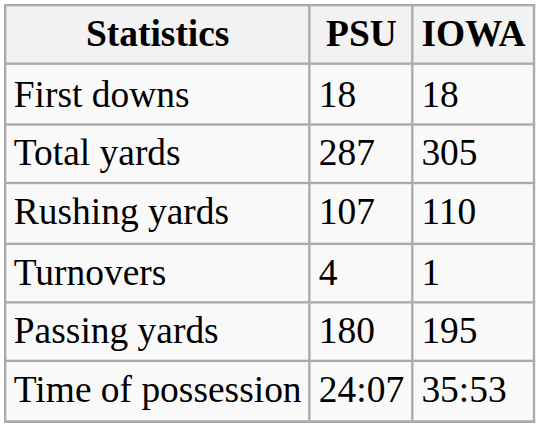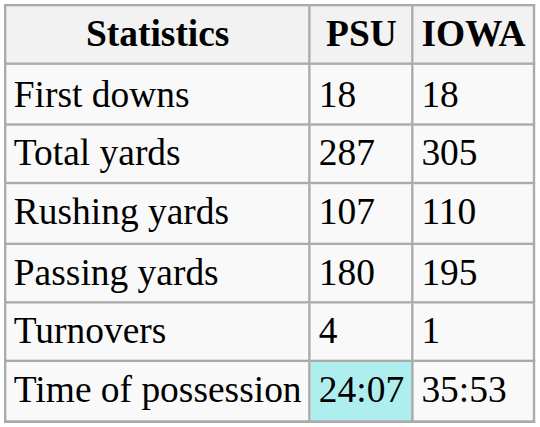 <table class="wikitable">
 <tr>
 <th>Statistics</th>
 <th>PSU</th>
 <th>IOWA</th>
 </tr>
 <tr>
 <td>First downs</td>
 <td>18</td>
 <td>18</td>
 </tr>
 <tr>
 <td>Total yards</td>
 <td>287</td>
 <td>305</td>
 </tr>
 <tr>
 <td>Rushing yards</td>
 <td>107</td>
 <td>110</td>
 </tr>
 <tr>
+<td>Passing yards</td>
+<td>180</td>
+<td>195</td>
+</tr>
+<tr>
 <td>Turnovers</td>
 <td>4</td>
 <td>1</td>
 </tr>
 <tr>
-<td>Passing yards</td>
-<td>180</td>
-<td>195</td>
-</tr>
-<tr>
 <td>Time of possession</td>
-<td>24:07</td>
+<td style="background: paleturquoise;">24:07</td>
 <td>35:53</td>
 </tr>
 <tr>
 </tr>
 </table>
